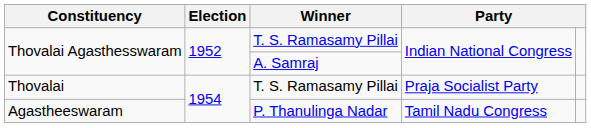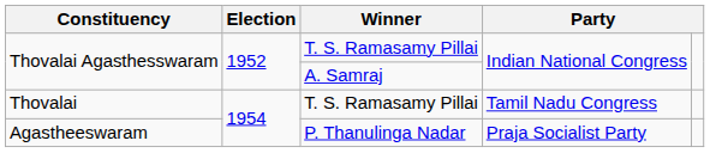 <table class="wikitable sortable">
 <tr>
 <th>Constituency</th>
 <th>Election</th>
 <th>Winner</th>
 <th colspan=2>Party</th>
 </tr>
 <tr --->
 <td rowspan=2>Thovalai Agasthesswaram</td>
 <td rowspan=2><a href='#'>1952</a></td>
 <td><a href='#'>T. S. Ramasamy Pillai</a></td>
 <td rowspan=2><a href='#'>Indian National Congress</a></td>
 <td rowspan=2 width="4px" style="background-color: "></td>
 </tr>
 <tr --->
 <td><a href='#'>A. Samraj</a></td>
 </tr>
 <tr --->
 <td>Thovalai</td>
 <td rowspan=2><a href='#'>1954</a></td>
 <td>T. S. Ramasamy Pillai</td>
-<td><a href='#'>Praja Socialist Party</a></td>
+<td><a href='#'>Tamil Nadu Congress</a></td>
 <td width="4px" style="background-color: "></td>
 </tr>
 <tr --->
 <td>Agastheeswaram</td>
 <td><a href='#'>P. Thanulinga Nadar</a></td>
-<td><a href='#'>Tamil Nadu Congress</a></td>
+<td><a href='#'>Praja Socialist Party</a></td>
 <td></td>
 </tr>
 </table>
